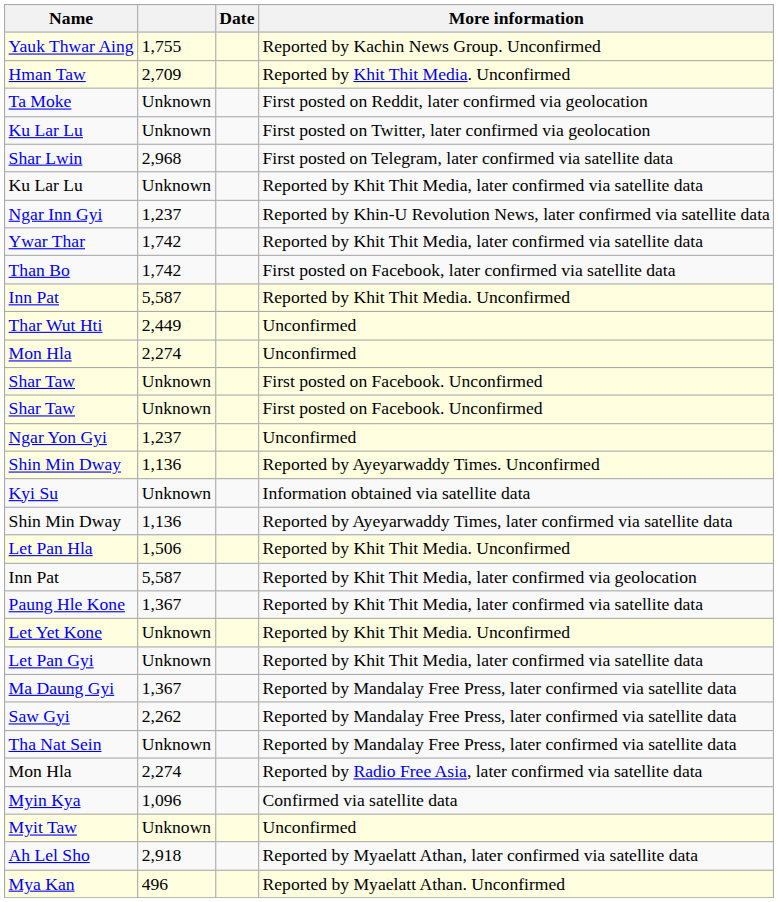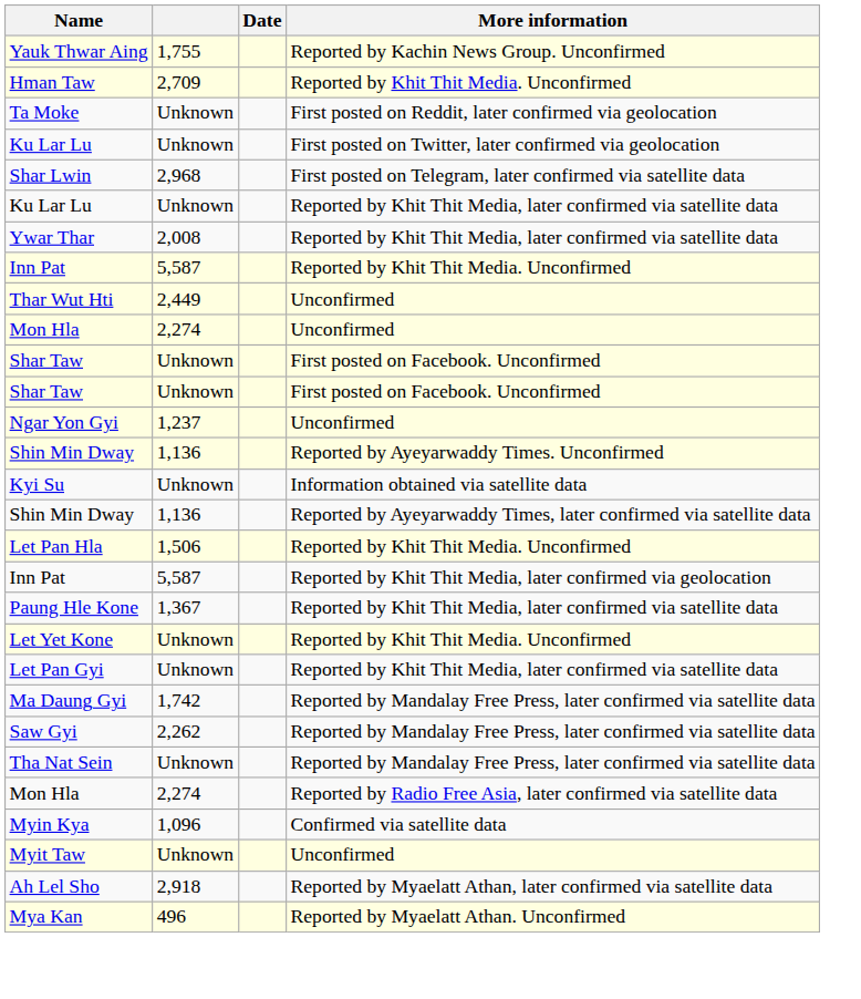 <table class="wikitable sortable">
 <tr>
 <th>Name</th>
 <th></th>
 <th class=sortable>Date</th>
 <th class=unsortable>More information</th>
 </tr>
 <tr>
 <td style="background:#FFFFE0"><a href='#'>Yauk Thwar Aing</a></td>
 <td style="background:#FFFFE0">1,755</td>
 <td style="background:#FFFFE0"></td>
 <td style="background:#FFFFE0">Reported by Kachin News Group. Unconfirmed</td>
 </tr>
 <tr>
 <td style="background:#FFFFE0"><a href='#'>Hman Taw</a></td>
 <td style="background:#FFFFE0">2,709</td>
 <td style="background:#FFFFE0"></td>
 <td style="background:#FFFFE0">Reported by <a href='#'>Khit Thit Media</a>. Unconfirmed</td>
 </tr>
 <tr>
 <td><a href='#'>Ta Moke</a></td>
 <td>Unknown</td>
 <td></td>
 <td>First posted on Reddit, later confirmed via geolocation</td>
 </tr>
 <tr>
 <td><a href='#'>Ku Lar Lu</a></td>
 <td>Unknown</td>
 <td></td>
 <td>First posted on Twitter, later confirmed via geolocation</td>
 </tr>
 <tr>
 <td><a href='#'>Shar Lwin</a></td>
 <td>2,968</td>
 <td></td>
 <td>First posted on Telegram, later confirmed via satellite data</td>
 </tr>
 <tr>
 <td>Ku Lar Lu</td>
 <td>Unknown</td>
 <td></td>
 <td>Reported by Khit Thit Media, later confirmed via satellite data</td>
 </tr>
 <tr>
-<td><a href='#'>Ngar Inn Gyi</a></td>
-<td>1,237</td>
-<td></td>
-<td>Reported by Khin-U Revolution News, later confirmed via satellite data</td>
-</tr>
-<tr>
 <td><a href='#'>Ywar Thar</a></td>
-<td>1,742</td>
+<td>2,008</td>
 <td></td>
 <td>Reported by Khit Thit Media, later confirmed via satellite data</td>
-</tr>
-<tr>
-<td><a href='#'>Than Bo</a></td>
-<td>1,742</td>
-<td></td>
-<td>First posted on Facebook, later confirmed via satellite data</td>
 </tr>
 <tr>
 <td style="background:#FFFFE0"><a href='#'>Inn Pat</a></td>
 <td style="background:#FFFFE0">5,587</td>
 <td style="background:#FFFFE0"></td>
 <td style="background:#FFFFE0">Reported by Khit Thit Media. Unconfirmed</td>
 </tr>
 <tr>
 <td style="background:#FFFFE0"><a href='#'>Thar Wut Hti</a></td>
 <td style="background:#FFFFE0">2,449</td>
 <td style="background:#FFFFE0"></td>
 <td style="background:#FFFFE0">Unconfirmed</td>
 </tr>
 <tr>
 <td style="background:#FFFFE0"><a href='#'>Mon Hla</a></td>
 <td style="background:#FFFFE0">2,274</td>
 <td style="background:#FFFFE0"></td>
 <td style="background:#FFFFE0">Unconfirmed</td>
 </tr>
 <tr>
 <td style="background:#FFFFE0"><a href='#'>Shar Taw</a></td>
 <td style="background:#FFFFE0">Unknown</td>
 <td style="background:#FFFFE0"></td>
 <td style="background:#FFFFE0">First posted on Facebook. Unconfirmed</td>
 </tr>
 <tr>
 <td style="background:#FFFFE0"><a href='#'>Shar Taw</a></td>
 <td style="background:#FFFFE0">Unknown</td>
 <td style="background:#FFFFE0"></td>
 <td style="background:#FFFFE0">First posted on Facebook. Unconfirmed</td>
 </tr>
 <tr>
 <td style="background:#FFFFE0"><a href='#'>Ngar Yon Gyi</a></td>
 <td style="background:#FFFFE0">1,237</td>
 <td style="background:#FFFFE0"></td>
 <td style="background:#FFFFE0">Unconfirmed</td>
 </tr>
 <tr>
 <td style="background:#FFFFE0"><a href='#'>Shin Min Dway</a></td>
 <td style="background:#FFFFE0">1,136</td>
 <td style="background:#FFFFE0"></td>
 <td style="background:#FFFFE0">Reported by Ayeyarwaddy Times. Unconfirmed</td>
 </tr>
 <tr>
 <td><a href='#'>Kyi Su</a></td>
 <td>Unknown</td>
 <td></td>
 <td>Information obtained via satellite data</td>
 </tr>
 <tr>
 <td>Shin Min Dway</td>
 <td>1,136</td>
 <td></td>
 <td>Reported by Ayeyarwaddy Times, later confirmed via satellite data</td>
 </tr>
 <tr>
 <td style="background:#FFFFE0"><a href='#'>Let Pan Hla</a></td>
 <td style="background:#FFFFE0">1,506</td>
 <td style="background:#FFFFE0"></td>
 <td style="background:#FFFFE0">Reported by Khit Thit Media. Unconfirmed</td>
 </tr>
 <tr>
 <td>Inn Pat</td>
 <td>5,587</td>
 <td></td>
 <td>Reported by Khit Thit Media, later confirmed via geolocation</td>
 </tr>
 <tr>
 <td><a href='#'>Paung Hle Kone</a></td>
 <td>1,367</td>
 <td></td>
 <td>Reported by Khit Thit Media, later confirmed via satellite data</td>
 </tr>
 <tr>
 <td style="background:#FFFFE0"><a href='#'>Let Yet Kone</a></td>
 <td style="background:#FFFFE0">Unknown</td>
 <td style="background:#FFFFE0"></td>
 <td style="background:#FFFFE0">Reported by Khit Thit Media. Unconfirmed</td>
 </tr>
 <tr>
 <td><a href='#'>Let Pan Gyi</a></td>
 <td>Unknown</td>
 <td></td>
 <td>Reported by Khit Thit Media, later confirmed via satellite data</td>
 </tr>
 <tr>
 <td><a href='#'>Ma Daung Gyi</a></td>
-<td>1,367</td>
+<td>1,742</td>
 <td></td>
 <td>Reported by Mandalay Free Press, later confirmed via satellite data</td>
 </tr>
 <tr>
 <td><a href='#'>Saw Gyi</a></td>
 <td>2,262</td>
 <td></td>
 <td>Reported by Mandalay Free Press, later confirmed via satellite data</td>
 </tr>
 <tr>
 <td><a href='#'>Tha Nat Sein</a></td>
 <td>Unknown</td>
 <td></td>
 <td>Reported by Mandalay Free Press, later confirmed via satellite data</td>
 </tr>
 <tr>
 <td>Mon Hla</td>
 <td>2,274</td>
 <td></td>
 <td>Reported by <a href='#'>Radio Free Asia</a>, later confirmed via satellite data</td>
 </tr>
 <tr>
 <td><a href='#'>Myin Kya</a></td>
 <td>1,096</td>
 <td></td>
 <td>Confirmed via satellite data</td>
 </tr>
 <tr>
 <td style="background:#FFFFE0"><a href='#'>Myit Taw</a></td>
 <td style="background:#FFFFE0">Unknown</td>
 <td style="background:#FFFFE0"></td>
 <td style="background:#FFFFE0">Unconfirmed</td>
 </tr>
 <tr>
 <td><a href='#'>Ah Lel Sho</a></td>
 <td>2,918</td>
 <td></td>
 <td>Reported by Myaelatt Athan, later confirmed via satellite data</td>
 </tr>
 <tr>
 <td style="background:#FFFFE0"><a href='#'>Mya Kan</a></td>
 <td style="background:#FFFFE0">496</td>
 <td style="background:#FFFFE0"></td>
 <td style="background:#FFFFE0">Reported by Myaelatt Athan. Unconfirmed</td>
 </tr>
 </table>
